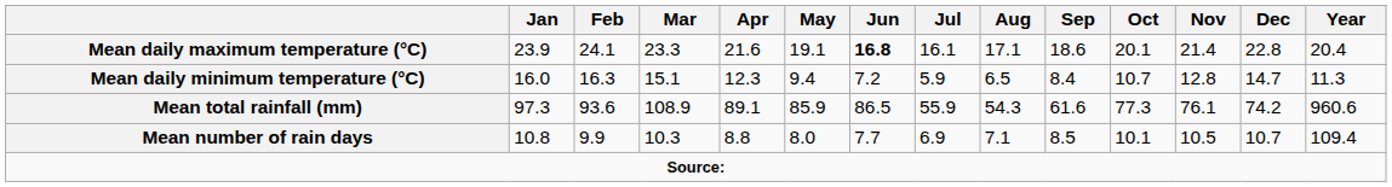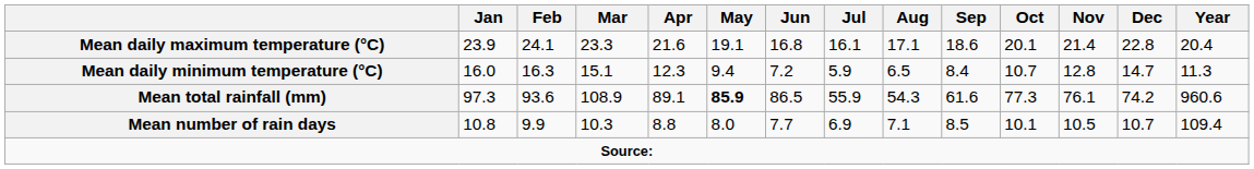 <table class="wikitable" style="width: 75%; margin: 0 auto 0 auto;">
 <tr>
 <th></th>
 <th>Jan</th>
 <th>Feb</th>
 <th>Mar</th>
 <th>Apr</th>
 <th>May</th>
 <th>Jun</th>
 <th>Jul</th>
 <th>Aug</th>
 <th>Sep</th>
 <th>Oct</th>
 <th>Nov</th>
 <th>Dec</th>
 <th>Year</th>
 </tr>
 <tr>
 <th>Mean daily maximum temperature (°C)</th>
 <td>23.9</td>
 <td>24.1</td>
 <td>23.3</td>
 <td>21.6</td>
 <td>19.1</td>
-<td><strong>16.8</strong></td>
+<td>16.8</td>
 <td>16.1</td>
 <td>17.1</td>
 <td>18.6</td>
 <td>20.1</td>
 <td>21.4</td>
 <td>22.8</td>
 <td>20.4</td>
 </tr>
 <tr>
 <th>Mean daily minimum temperature (°C)</th>
 <td>16.0</td>
 <td>16.3</td>
 <td>15.1</td>
 <td>12.3</td>
 <td>9.4</td>
 <td>7.2</td>
 <td>5.9</td>
 <td>6.5</td>
 <td>8.4</td>
 <td>10.7</td>
 <td>12.8</td>
 <td>14.7</td>
 <td>11.3</td>
 </tr>
 <tr>
 <th>Mean total rainfall (mm)</th>
 <td>97.3</td>
 <td>93.6</td>
 <td>108.9</td>
 <td>89.1</td>
-<td>85.9</td>
+<td><strong>85.9</strong></td>
 <td>86.5</td>
 <td>55.9</td>
 <td>54.3</td>
 <td>61.6</td>
 <td>77.3</td>
 <td>76.1</td>
 <td>74.2</td>
 <td>960.6</td>
 </tr>
 <tr>
 <th>Mean number of rain days</th>
 <td>10.8</td>
 <td>9.9</td>
 <td>10.3</td>
 <td>8.8</td>
 <td>8.0</td>
 <td>7.7</td>
 <td>6.9</td>
 <td>7.1</td>
 <td>8.5</td>
 <td>10.1</td>
 <td>10.5</td>
 <td>10.7</td>
 <td>109.4</td>
 </tr>
 <tr>
 <td colspan="15" style="text-align: center;"><small><strong>Source:</strong> </small></td>
 </tr>
 </table>
